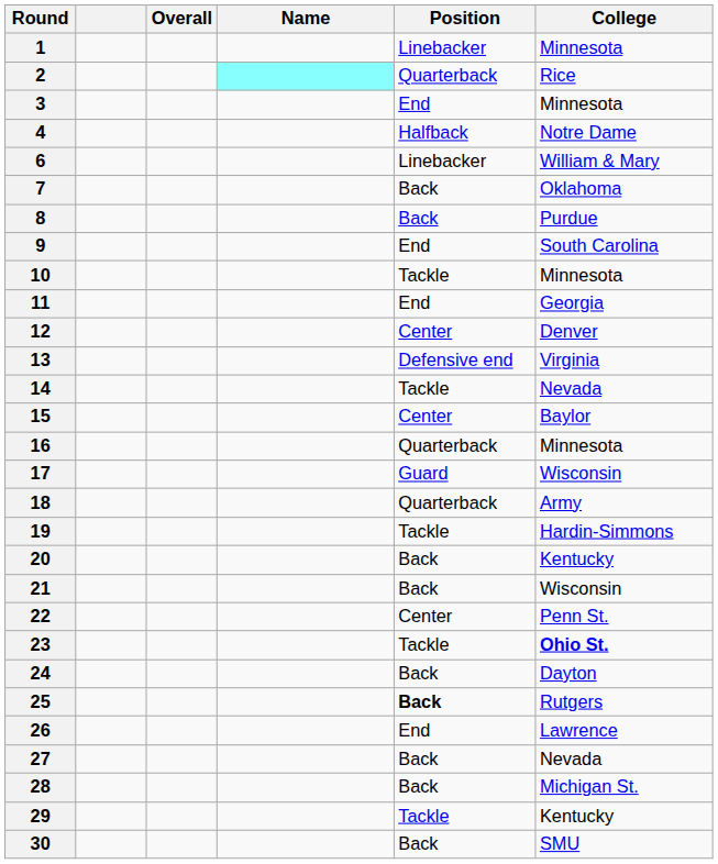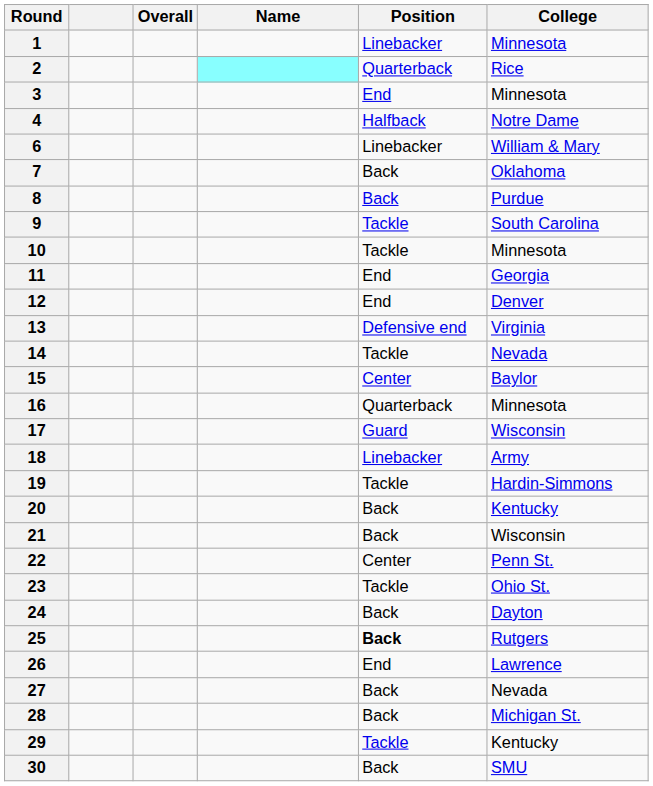 <table class="wikitable sortable" style="width: 50%;">
 <tr>
 <th scope="col" style="width: 10%;">Round</th>
 <th scope="col" style="width: 10%;"></th>
 <th scope="col" style="width: 10%;">Overall</th>
 <th scope="col" style="width: 25%;">Name</th>
 <th scope="col" style="width: 20%;">Position</th>
 <th scope="col" style="width: 25%;">College</th>
 </tr>
 <tr>
 <th scope="row">1</th>
 <td></td>
 <td></td>
 <td></td>
 <td><a href='#'>Linebacker</a></td>
 <td><a href='#'>Minnesota</a></td>
 </tr>
 <tr>
 <th scope="row">2</th>
 <td></td>
 <td></td>
 <td style="background:#88FFFF;">  <sup></sup></td>
 <td><a href='#'>Quarterback</a></td>
 <td><a href='#'>Rice</a></td>
 </tr>
 <tr>
 <th scope="row">3</th>
 <td></td>
 <td></td>
 <td></td>
 <td><a href='#'>End</a></td>
 <td>Minnesota</td>
 </tr>
 <tr>
 <th scope="row">4</th>
 <td></td>
 <td></td>
 <td></td>
 <td><a href='#'>Halfback</a></td>
 <td><a href='#'>Notre Dame</a></td>
 </tr>
 <tr>
 <th scope="row">6</th>
 <td></td>
 <td></td>
 <td></td>
 <td>Linebacker</td>
 <td><a href='#'>William & Mary</a></td>
 </tr>
 <tr>
 <th scope="row">7</th>
 <td></td>
 <td></td>
 <td></td>
 <td>Back</td>
 <td><a href='#'>Oklahoma</a></td>
 </tr>
 <tr>
 <th scope="row">8</th>
 <td></td>
 <td></td>
 <td></td>
 <td><a href='#'>Back</a></td>
 <td><a href='#'>Purdue</a></td>
 </tr>
 <tr>
 <th scope="row">9</th>
 <td></td>
 <td></td>
 <td></td>
-<td>End</td>
+<td><a href='#'>Tackle</a></td>
 <td><a href='#'>South Carolina</a></td>
 </tr>
 <tr>
 <th scope="row">10</th>
 <td></td>
 <td></td>
 <td></td>
 <td>Tackle</td>
 <td>Minnesota</td>
 </tr>
 <tr>
 <th scope="row">11</th>
 <td></td>
 <td></td>
 <td></td>
 <td>End</td>
 <td><a href='#'>Georgia</a></td>
 </tr>
 <tr>
 <th scope="row">12</th>
 <td></td>
 <td></td>
 <td></td>
-<td><a href='#'>Center</a></td>
+<td>End</td>
 <td><a href='#'>Denver</a></td>
 </tr>
 <tr>
 <th scope="row">13</th>
 <td></td>
 <td></td>
 <td></td>
 <td><a href='#'>Defensive end</a></td>
 <td><a href='#'>Virginia</a></td>
 </tr>
 <tr>
 <th scope="row">14</th>
 <td></td>
 <td></td>
 <td></td>
 <td>Tackle</td>
 <td><a href='#'>Nevada</a></td>
 </tr>
 <tr>
 <th scope="row">15</th>
 <td></td>
 <td></td>
 <td></td>
 <td><a href='#'>Center</a></td>
 <td><a href='#'>Baylor</a></td>
 </tr>
 <tr>
 <th scope="row">16</th>
 <td></td>
 <td></td>
 <td></td>
 <td>Quarterback</td>
 <td>Minnesota</td>
 </tr>
 <tr>
 <th scope="row">17</th>
 <td></td>
 <td></td>
 <td></td>
 <td><a href='#'>Guard</a></td>
 <td><a href='#'>Wisconsin</a></td>
 </tr>
 <tr>
 <th scope="row">18</th>
 <td></td>
 <td></td>
 <td></td>
-<td>Quarterback</td>
+<td><a href='#'>Linebacker</a></td>
 <td><a href='#'>Army</a></td>
 </tr>
 <tr>
 <th scope="row">19</th>
 <td></td>
 <td></td>
 <td></td>
 <td>Tackle</td>
 <td><a href='#'>Hardin-Simmons</a></td>
 </tr>
 <tr>
 <th scope="row">20</th>
 <td></td>
 <td></td>
 <td></td>
 <td>Back</td>
 <td><a href='#'>Kentucky</a></td>
 </tr>
 <tr>
 <th scope="row">21</th>
 <td></td>
 <td></td>
 <td></td>
 <td>Back</td>
 <td>Wisconsin</td>
 </tr>
 <tr>
 <th scope="row">22</th>
 <td></td>
 <td></td>
 <td></td>
 <td>Center</td>
 <td><a href='#'>Penn St.</a></td>
 </tr>
 <tr>
 <th scope="row">23</th>
 <td></td>
 <td></td>
 <td></td>
 <td>Tackle</td>
-<td><strong><a href='#'>Ohio St.</a></strong></td>
+<td><a href='#'>Ohio St.</a></td>
 </tr>
 <tr>
 <th scope="row">24</th>
 <td></td>
 <td></td>
 <td></td>
 <td>Back</td>
 <td><a href='#'>Dayton</a></td>
 </tr>
 <tr>
 <th scope="row">25</th>
 <td></td>
 <td></td>
 <td></td>
 <td><strong>Back</strong></td>
 <td><a href='#'>Rutgers</a></td>
 </tr>
 <tr>
 <th scope="row">26</th>
 <td></td>
 <td></td>
 <td></td>
 <td>End</td>
 <td><a href='#'>Lawrence</a></td>
 </tr>
 <tr>
 <th scope="row">27</th>
 <td></td>
 <td></td>
 <td></td>
 <td>Back</td>
 <td>Nevada</td>
 </tr>
 <tr>
 <th scope="row">28</th>
 <td></td>
 <td></td>
 <td></td>
 <td>Back</td>
 <td><a href='#'>Michigan St.</a></td>
 </tr>
 <tr>
 <th scope="row">29</th>
 <td></td>
 <td></td>
 <td></td>
 <td><a href='#'>Tackle</a></td>
 <td>Kentucky</td>
 </tr>
 <tr>
 <th scope="row">30</th>
 <td></td>
 <td></td>
 <td></td>
 <td>Back</td>
 <td><a href='#'>SMU</a></td>
 </tr>
 </table>
